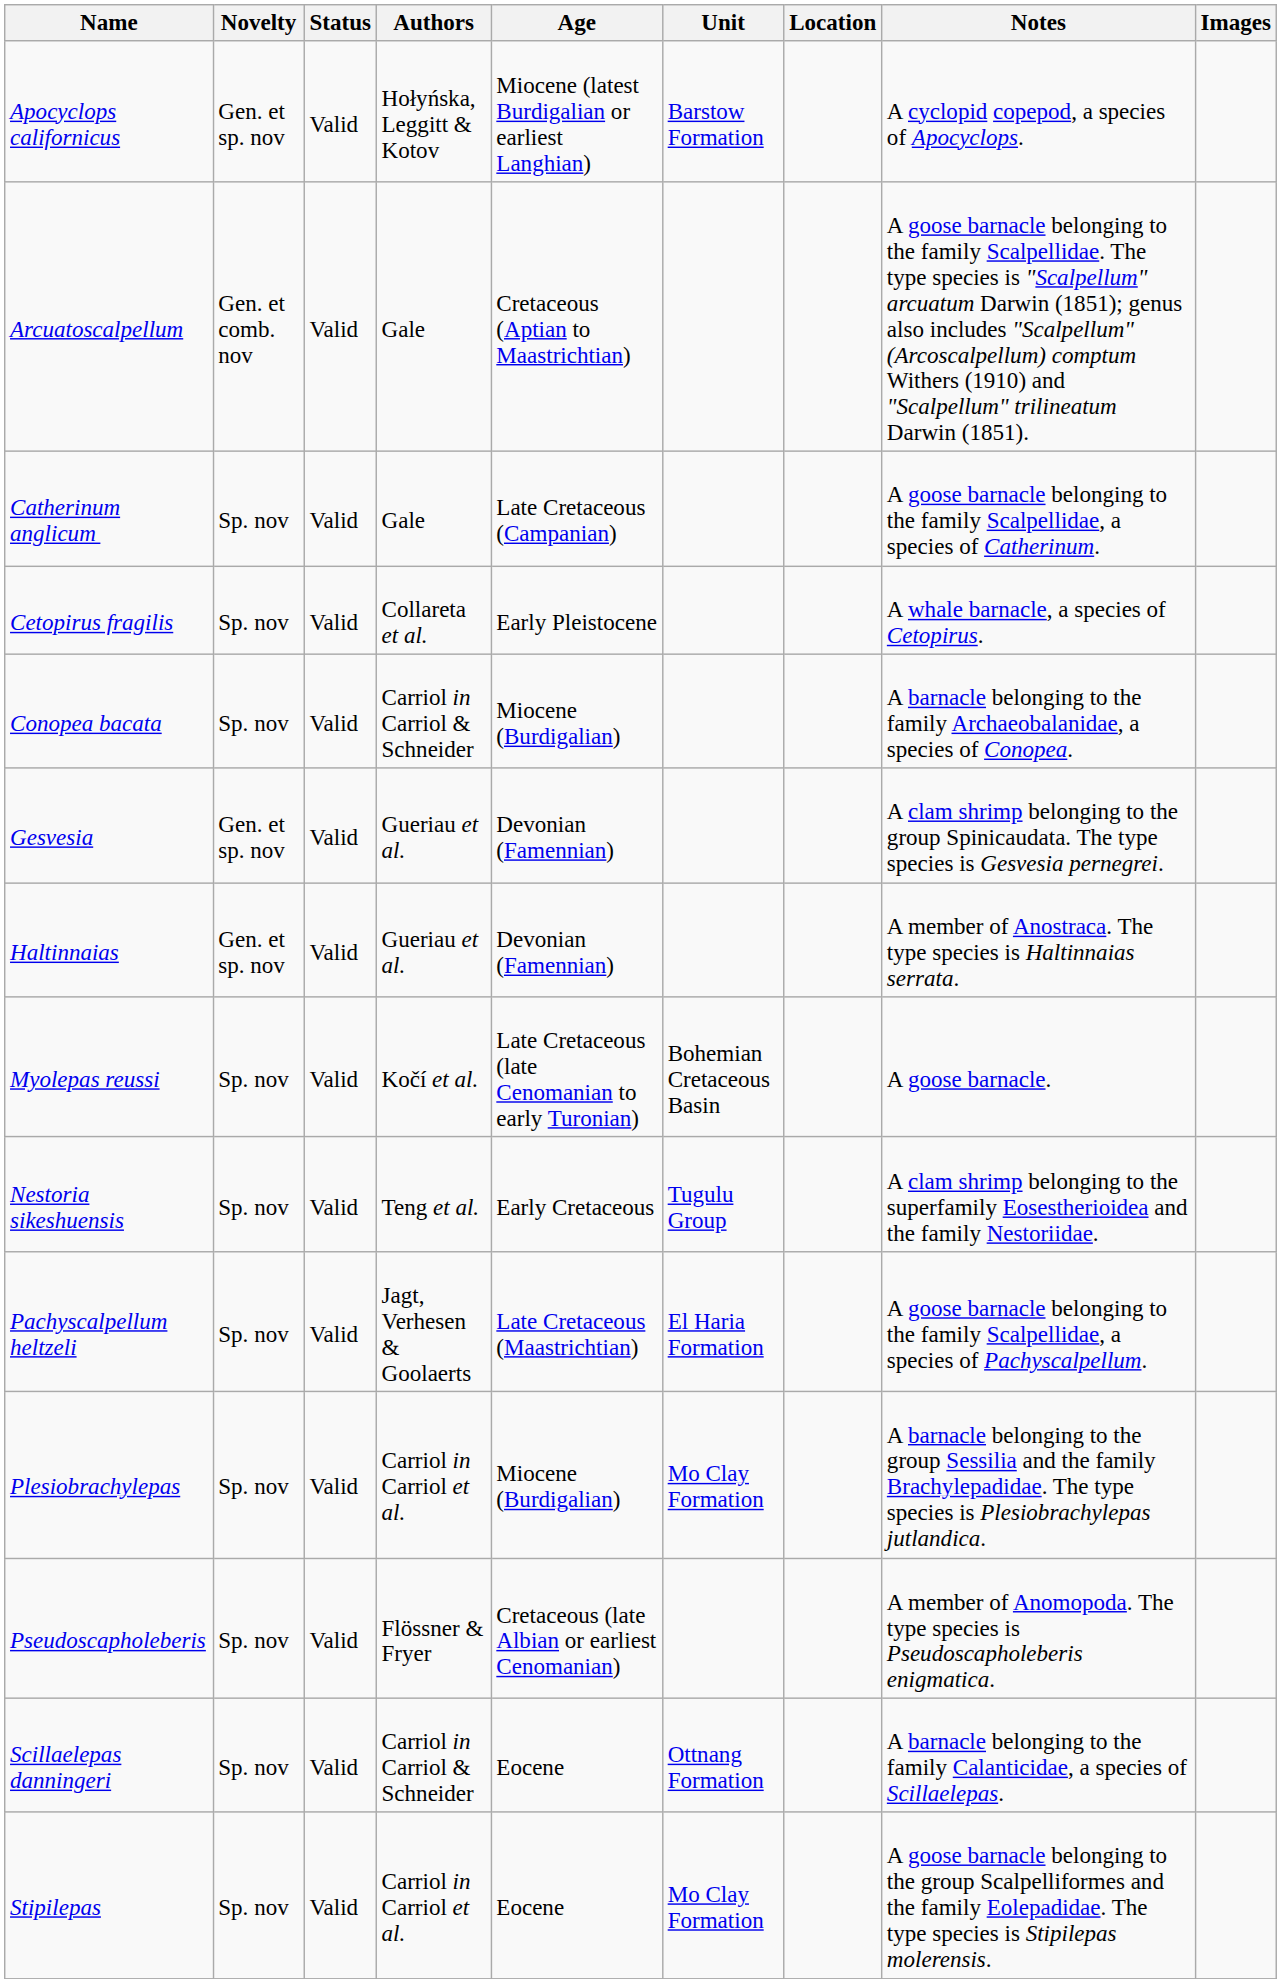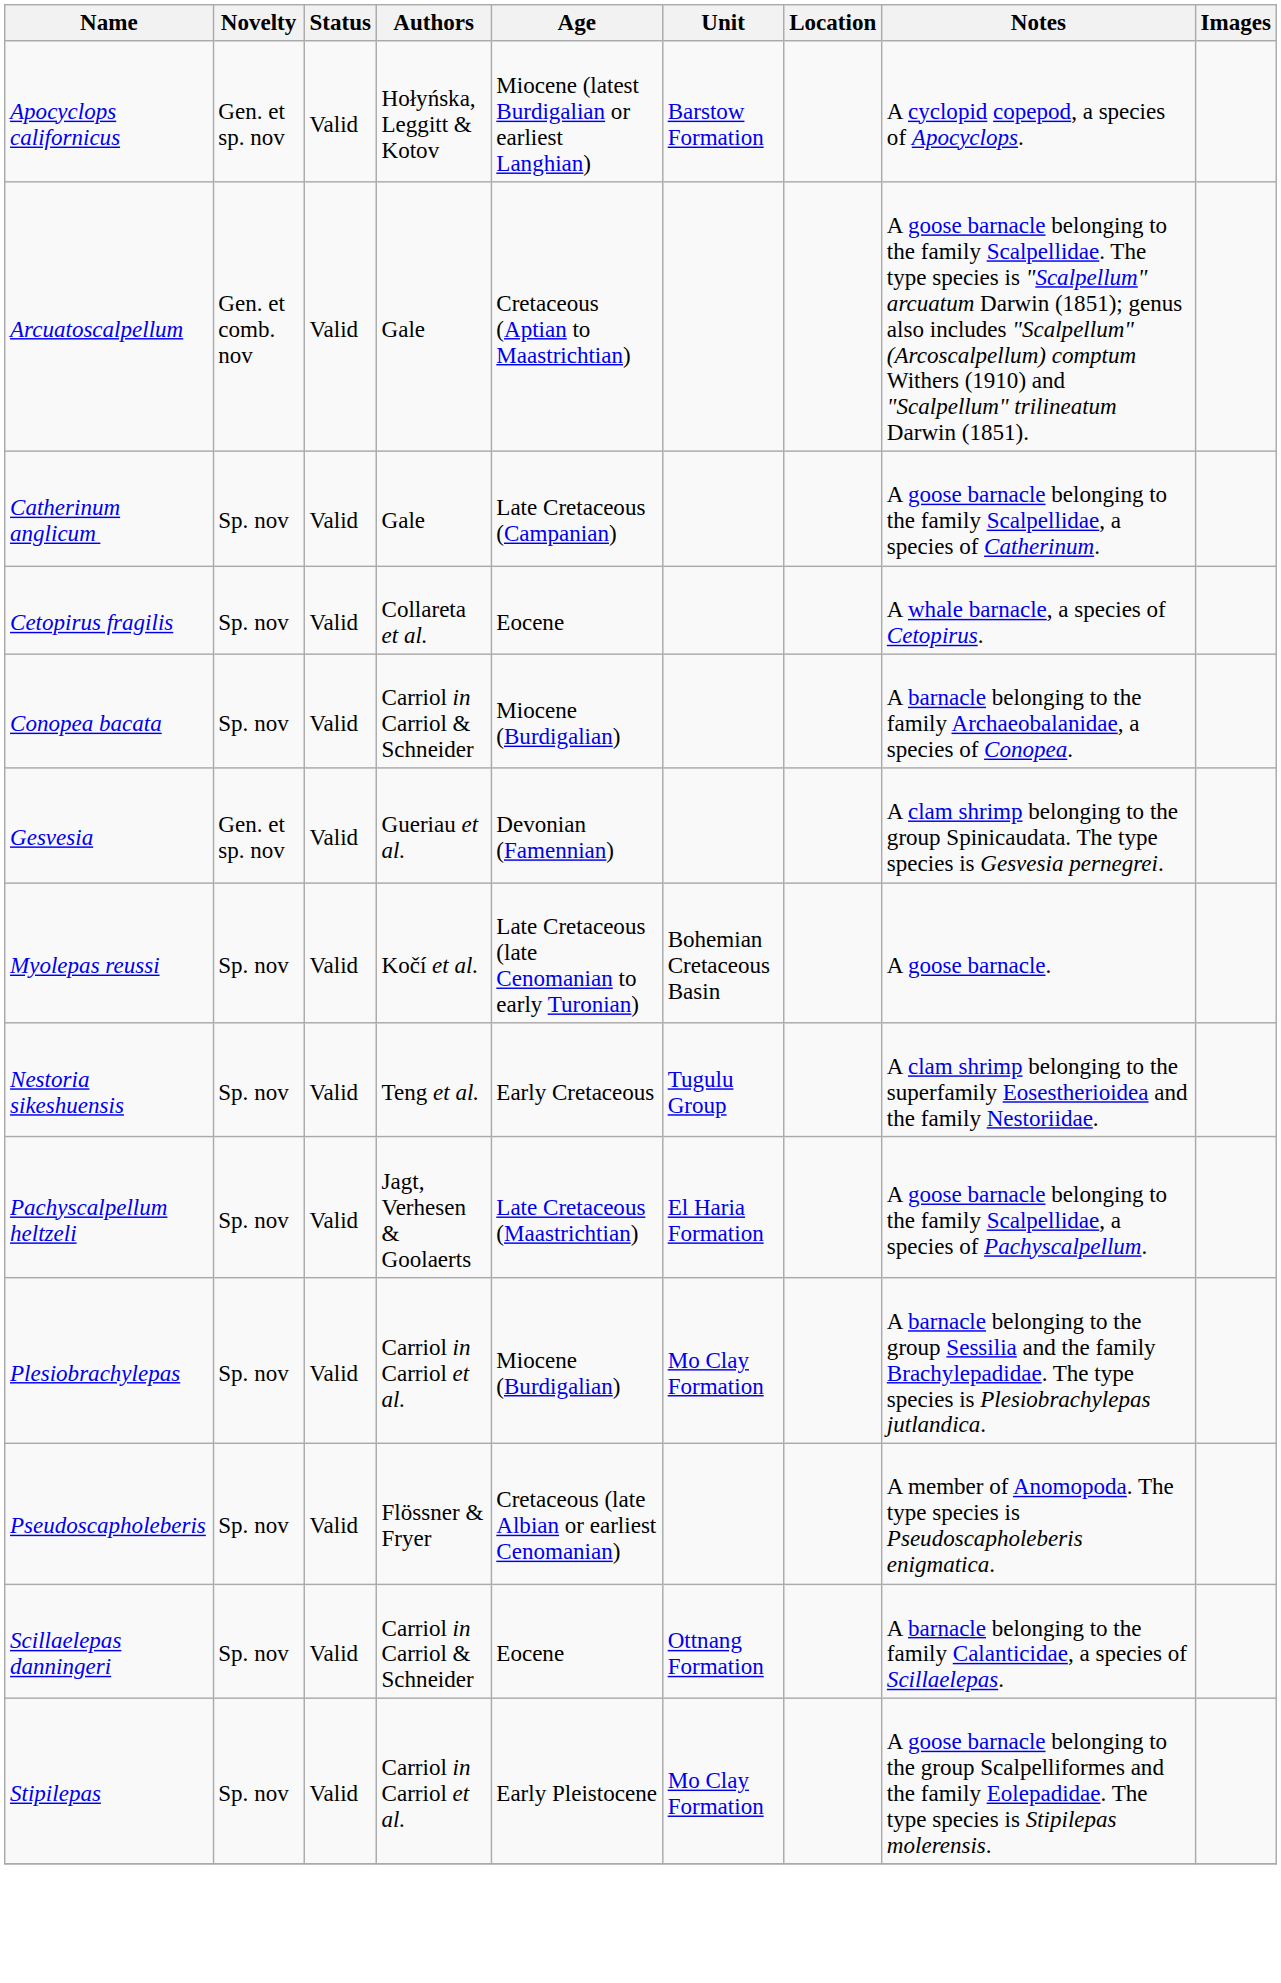 <table class="wikitable sortable" align="center" width="100%">
 <tr>
 <th>Name</th>
 <th>Novelty</th>
 <th>Status</th>
 <th>Authors</th>
 <th>Age</th>
 <th>Unit</th>
 <th>Location</th>
 <th>Notes</th>
 <th>Images</th>
 </tr>
 <tr>
 <td><br><em><a href='#'>Apocyclops californicus</a></em></td>
 <td><br>Gen. et sp. nov</td>
 <td><br>Valid</td>
 <td><br>Hołyńska, Leggitt & Kotov</td>
 <td><br>Miocene (latest <a href='#'>Burdigalian</a> or earliest <a href='#'>Langhian</a>)</td>
 <td><br><a href='#'>Barstow Formation</a></td>
 <td><br></td>
 <td><br>A <a href='#'>cyclopid</a> <a href='#'>copepod</a>, a species of <em><a href='#'>Apocyclops</a></em>.</td>
 <td></td>
 </tr>
 <tr>
 <td><br><em><a href='#'>Arcuatoscalpellum</a></em></td>
 <td><br>Gen. et comb. nov</td>
 <td><br>Valid</td>
 <td><br>Gale</td>
 <td><br>Cretaceous (<a href='#'>Aptian</a> to <a href='#'>Maastrichtian</a>)</td>
 <td></td>
 <td><br><br> </td>
 <td><br>A <a href='#'>goose barnacle</a> belonging to the family <a href='#'>Scalpellidae</a>. The type species is <em>"<a href='#'>Scalpellum</a>" arcuatum</em> Darwin (1851); genus also includes <em>"Scalpellum" (Arcoscalpellum) comptum</em> Withers (1910) and <em>"Scalpellum" trilineatum</em> Darwin (1851).</td>
 <td></td>
 </tr>
 <tr>
 <td><br><em><a href='#'>Catherinum anglicum </a></em></td>
 <td><br>Sp. nov</td>
 <td><br>Valid</td>
 <td><br>Gale</td>
 <td><br>Late Cretaceous (<a href='#'>Campanian</a>)</td>
 <td></td>
 <td><br></td>
 <td><br>A <a href='#'>goose barnacle</a> belonging to the family <a href='#'>Scalpellidae</a>, a species of <em><a href='#'>Catherinum</a></em>.</td>
 <td></td>
 </tr>
 <tr>
 <td><br><em><a href='#'>Cetopirus fragilis</a></em></td>
 <td><br>Sp. nov</td>
 <td><br>Valid</td>
 <td><br>Collareta <em>et al.</em></td>
-<td><br>Early Pleistocene</td>
+<td><br>Eocene</td>
 <td></td>
 <td><br></td>
 <td><br>A <a href='#'>whale barnacle</a>, a species of <em><a href='#'>Cetopirus</a></em>.</td>
 <td></td>
 </tr>
 <tr>
 <td><br><em><a href='#'>Conopea bacata</a></em></td>
 <td><br>Sp. nov</td>
 <td><br>Valid</td>
 <td><br>Carriol <em>in</em> Carriol & Schneider</td>
 <td><br>Miocene (<a href='#'>Burdigalian</a>)</td>
 <td></td>
 <td><br></td>
 <td><br>A <a href='#'>barnacle</a> belonging to the family <a href='#'>Archaeobalanidae</a>, a species of <em><a href='#'>Conopea</a></em>.</td>
 <td></td>
 </tr>
 <tr>
 <td><br><em><a href='#'>Gesvesia</a></em></td>
 <td><br>Gen. et sp. nov</td>
 <td><br>Valid</td>
 <td><br>Gueriau <em>et al.</em></td>
 <td><br>Devonian (<a href='#'>Famennian</a>)</td>
 <td></td>
 <td><br></td>
 <td><br>A <a href='#'>clam shrimp</a> belonging to the group Spinicaudata. The type species is <em>Gesvesia pernegrei</em>.</td>
-<td></td>
-</tr>
-<tr>
-<td><br><em><a href='#'>Haltinnaias</a></em></td>
-<td><br>Gen. et sp. nov</td>
-<td><br>Valid</td>
-<td><br>Gueriau <em>et al.</em></td>
-<td><br>Devonian (<a href='#'>Famennian</a>)</td>
-<td></td>
-<td><br></td>
-<td><br>A member of <a href='#'>Anostraca</a>. The type species is <em>Haltinnaias serrata</em>.</td>
 <td></td>
 </tr>
 <tr>
 <td><br><em><a href='#'>Myolepas reussi</a></em></td>
 <td><br>Sp. nov</td>
 <td><br>Valid</td>
 <td><br>Kočí <em>et al.</em></td>
 <td><br>Late Cretaceous (late <a href='#'>Cenomanian</a> to early <a href='#'>Turonian</a>)</td>
 <td><br>Bohemian Cretaceous Basin</td>
 <td><br></td>
 <td><br>A <a href='#'>goose barnacle</a>.</td>
 <td></td>
 </tr>
 <tr>
 <td><br><em><a href='#'>Nestoria sikeshuensis</a></em></td>
 <td><br>Sp. nov</td>
 <td><br>Valid</td>
 <td><br>Teng <em>et al.</em></td>
 <td><br>Early Cretaceous</td>
 <td><br><a href='#'>Tugulu Group</a></td>
 <td><br></td>
 <td><br>A <a href='#'>clam shrimp</a> belonging to the superfamily <a href='#'>Eosestherioidea</a> and the family <a href='#'>Nestoriidae</a>.</td>
 <td></td>
 </tr>
 <tr>
 <td><br><em><a href='#'>Pachyscalpellum heltzeli</a></em></td>
 <td><br>Sp. nov</td>
 <td><br>Valid</td>
 <td><br>Jagt, Verhesen & Goolaerts</td>
 <td><br><a href='#'>Late Cretaceous</a> (<a href='#'>Maastrichtian</a>)</td>
 <td><br><a href='#'>El Haria Formation</a></td>
 <td><br></td>
 <td><br>A <a href='#'>goose barnacle</a> belonging to the family <a href='#'>Scalpellidae</a>, a species of <em><a href='#'>Pachyscalpellum</a></em>.</td>
 <td></td>
 </tr>
 <tr>
 <td><br><em><a href='#'>Plesiobrachylepas</a></em></td>
 <td><br>Sp. nov</td>
 <td><br>Valid</td>
 <td><br>Carriol <em>in</em> Carriol <em>et al.</em></td>
 <td><br>Miocene (<a href='#'>Burdigalian</a>)</td>
 <td><br><a href='#'>Mo Clay Formation</a></td>
 <td><br></td>
 <td><br>A <a href='#'>barnacle</a> belonging to the group <a href='#'>Sessilia</a> and the family <a href='#'>Brachylepadidae</a>. The type species is <em>Plesiobrachylepas jutlandica</em>.</td>
 <td></td>
 </tr>
 <tr>
 <td><br><em><a href='#'>Pseudoscapholeberis</a></em></td>
 <td><br>Sp. nov</td>
 <td><br>Valid</td>
 <td><br>Flössner & Fryer</td>
 <td><br>Cretaceous (late <a href='#'>Albian</a> or earliest <a href='#'>Cenomanian</a>)</td>
 <td></td>
 <td><br></td>
 <td><br>A member of <a href='#'>Anomopoda</a>. The type species is <em>Pseudoscapholeberis enigmatica</em>.</td>
 <td></td>
 </tr>
 <tr>
 <td><br><em><a href='#'>Scillaelepas danningeri</a></em></td>
 <td><br>Sp. nov</td>
 <td><br>Valid</td>
 <td><br>Carriol <em>in</em> Carriol & Schneider</td>
 <td><br>Eocene</td>
 <td><br><a href='#'>Ottnang Formation</a></td>
 <td><br><br> </td>
 <td><br>A <a href='#'>barnacle</a> belonging to the family <a href='#'>Calanticidae</a>, a species of <em><a href='#'>Scillaelepas</a></em>.</td>
 <td></td>
 </tr>
 <tr>
 <td><br><em><a href='#'>Stipilepas</a></em></td>
 <td><br>Sp. nov</td>
 <td><br>Valid</td>
 <td><br>Carriol <em>in</em> Carriol <em>et al.</em></td>
-<td><br>Eocene</td>
+<td><br>Early Pleistocene</td>
 <td><br><a href='#'>Mo Clay Formation</a></td>
 <td><br></td>
 <td><br>A <a href='#'>goose barnacle</a> belonging to the group Scalpelliformes and the family <a href='#'>Eolepadidae</a>. The type species is <em>Stipilepas molerensis</em>.</td>
 <td></td>
 </tr>
 <tr>
 </tr>
 </table>
